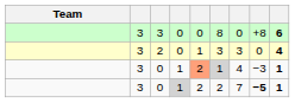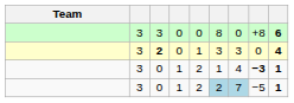 <table class="wikitable" style="text-align:center;">
 <tr>
 <th width=165>Team</th>
 <th width=20></th>
 <th width=20></th>
 <th width=20></th>
 <th width=20></th>
 <th width=20></th>
 <th width=20></th>
 <th width=20></th>
 <th width=20></th>
 </tr>
 <tr style="background:#cfc;">
 <td align="left"></td>
 <td>3</td>
 <td>3</td>
 <td>0</td>
 <td>0</td>
 <td>8</td>
 <td>0</td>
 <td>+8</td>
 <td><strong>6</strong></td>
 </tr>
 <tr style="background:#ffc;">
 <td align="left"></td>
 <td>3</td>
-<td>2</td>
+<td><strong>2</strong></td>
 <td>0</td>
 <td>1</td>
 <td>3</td>
 <td>3</td>
 <td>0</td>
 <td><strong>4</strong></td>
 </tr>
 <tr>
 <td align="left"></td>
 <td>3</td>
 <td>0</td>
 <td>1</td>
-<td style="background: lightsalmon;">2</td>
-<td style="background: lightgrey;">1</td>
+<td>2</td>
+<td>1</td>
 <td>4</td>
-<td>−3</td>
+<td><strong>−3</strong></td>
 <td><strong>1</strong></td>
 </tr>
 <tr>
 <td align="left"></td>
 <td>3</td>
 <td>0</td>
-<td style="background: lightgrey;">1</td>
+<td>1</td>
 <td>2</td>
-<td>2</td>
-<td>7</td>
-<td><strong>−5</strong></td>
+<td style="background: lightblue;">2</td>
+<td style="background: lightblue;">7</td>
+<td>−5</td>
 <td><strong>1</strong></td>
 </tr>
 </table>
